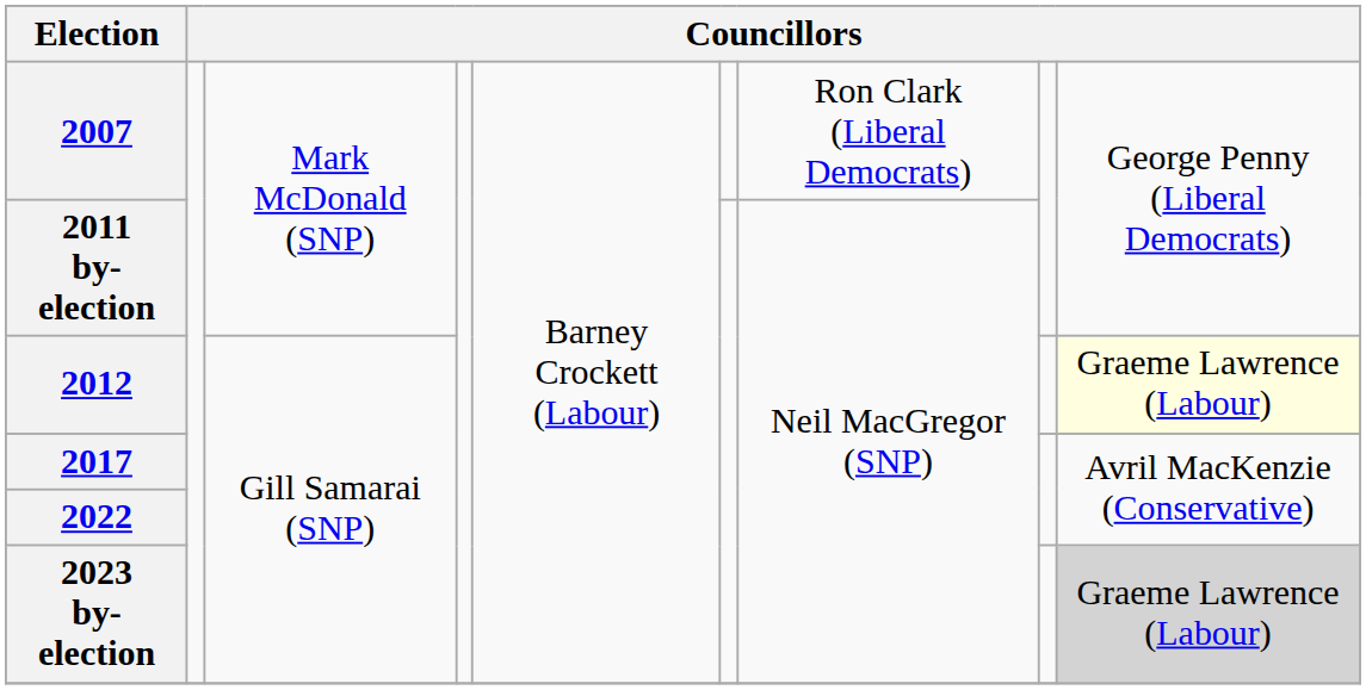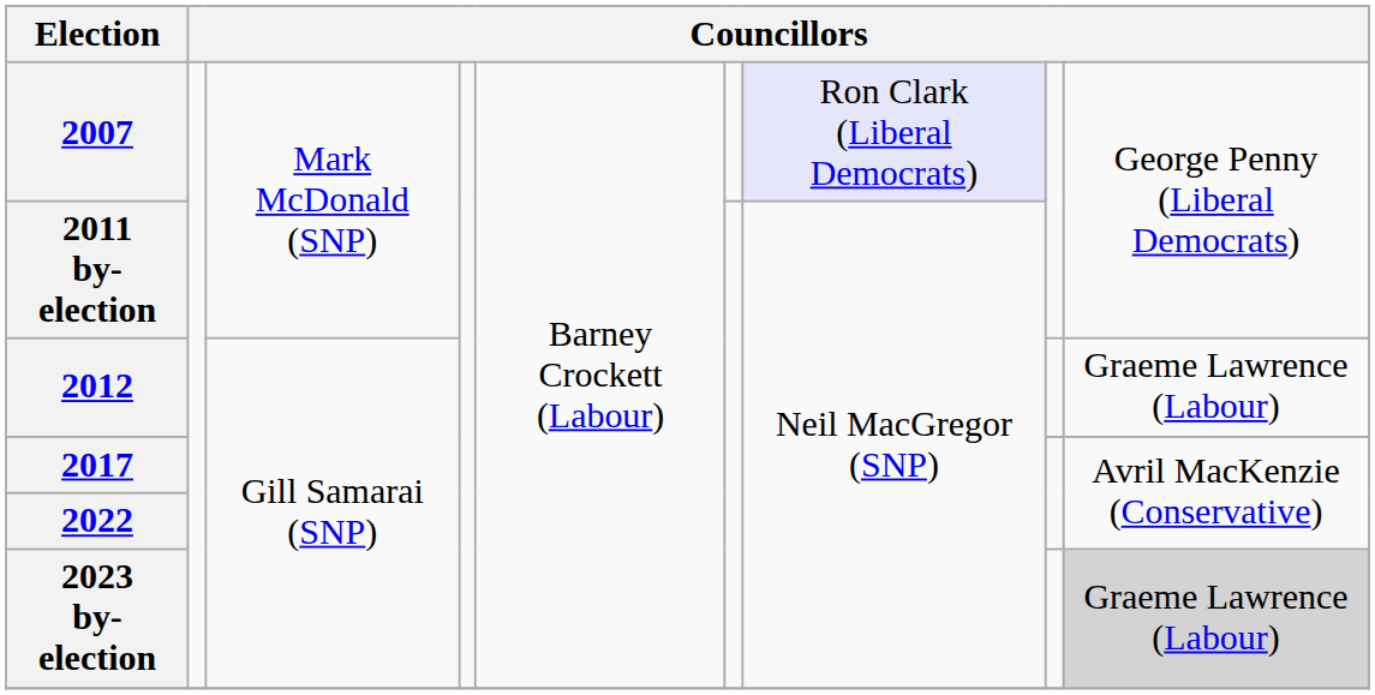 <table class="wikitable" style="text-align:center">
 <tr>
 <th>Election</th>
 <th colspan=8>Councillors</th>
 </tr>
 <tr>
 <th><a href='#'>2007</a></th>
 <td rowspan=6; style="background-color: "></td>
 <td rowspan=2><a href='#'>Mark McDonald</a><br>(<a href='#'>SNP</a>)</td>
 <td rowspan=6; style="background-color: "></td>
 <td rowspan=6>Barney Crockett<br>(<a href='#'>Labour</a>)</td>
 <td rowspan=1; style="background-color: "></td>
-<td rowspan=1>Ron Clark<br>(<a href='#'>Liberal Democrats</a>)</td>
+<td rowspan=1 style="background: lavender;">Ron Clark<br>(<a href='#'>Liberal Democrats</a>)</td>
 <td rowspan=2; style="background-color: "></td>
 <td rowspan=2>George Penny<br>(<a href='#'>Liberal Democrats</a>)</td>
 </tr>
 <tr>
 <th>2011<br>by-election</th>
 <td rowspan=5; style="background-color: "></td>
 <td rowspan=5>Neil MacGregor<br>(<a href='#'>SNP</a>)</td>
 </tr>
 <tr>
 <th><a href='#'>2012</a></th>
 <td rowspan=4>Gill Samarai<br>(<a href='#'>SNP</a>)</td>
 <td rowspan=1; style="background-color: "></td>
-<td rowspan=1 style="background: lightyellow;">Graeme Lawrence<br>(<a href='#'>Labour</a>)</td>
+<td rowspan=1>Graeme Lawrence<br>(<a href='#'>Labour</a>)</td>
 </tr>
 <tr>
 <th><a href='#'>2017</a></th>
 <td rowspan=2; style="background-color: "></td>
 <td rowspan=2>Avril MacKenzie<br>(<a href='#'>Conservative</a>)</td>
 </tr>
 <tr>
 <th><a href='#'>2022</a></th>
 </tr>
 <tr>
 <th>2023<br>by-election</th>
 <td rowspan=1; style="background-color: "></td>
 <td rowspan=1 style="background: lightgrey;">Graeme Lawrence<br>(<a href='#'>Labour</a>)</td>
 </tr>
 <tr>
 </tr>
 </table>
